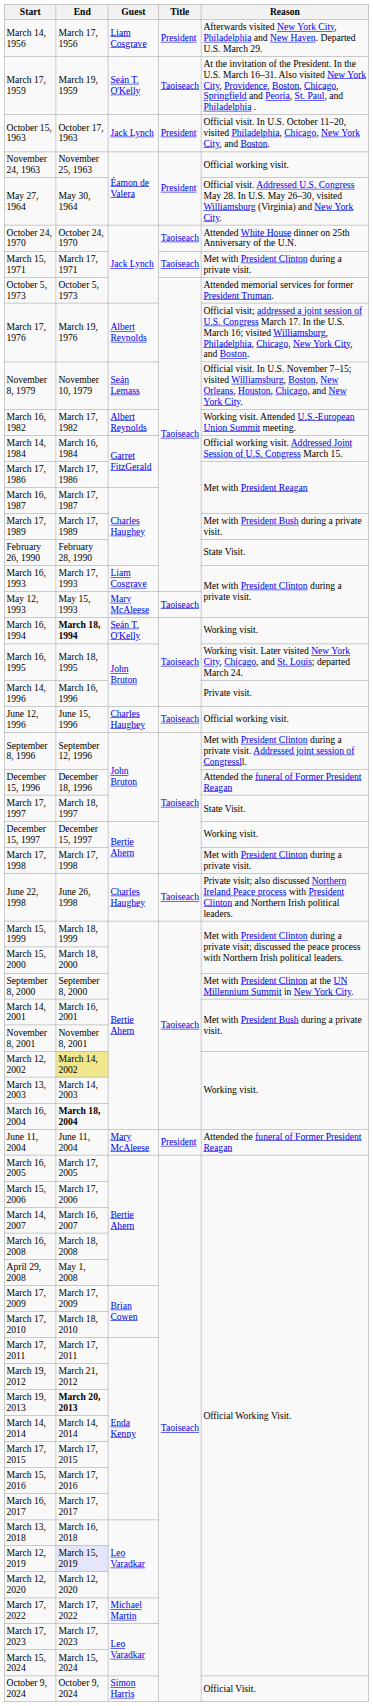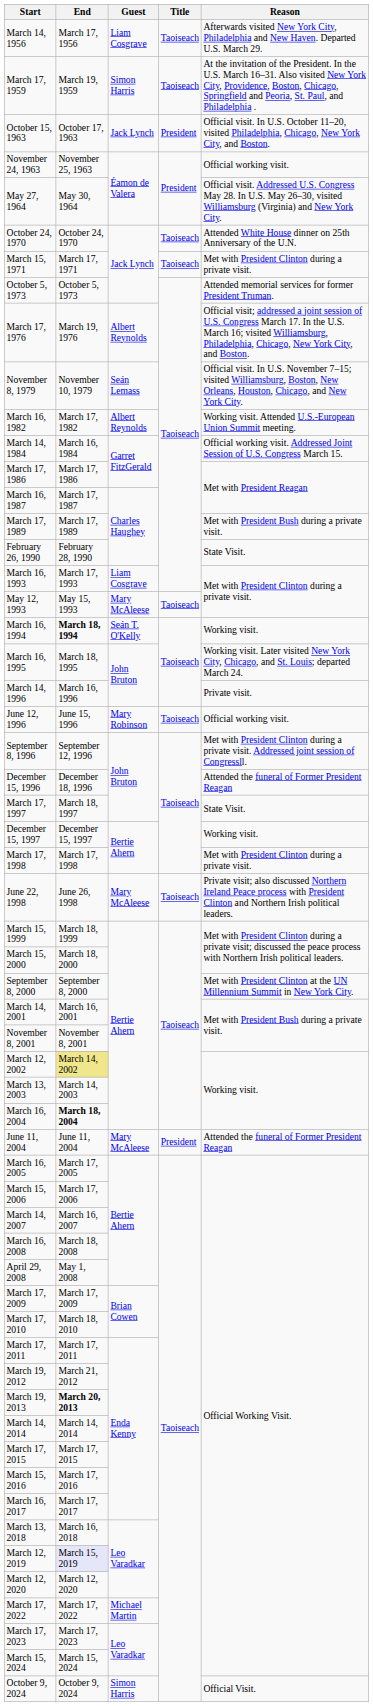 <table class="wikitable sortable">
 <tr>
 <th>Start</th>
 <th>End</th>
 <th>Guest</th>
 <th>Title</th>
 <th>Reason</th>
 </tr>
 <tr>
 <td>March 14, 1956</td>
 <td>March 17, 1956</td>
 <td><a href='#'>Liam Cosgrave</a></td>
-<td><a href='#'>President</a></td>
+<td><a href='#'>Taoiseach</a></td>
 <td>Afterwards visited <a href='#'>New York City</a>, <a href='#'>Philadelphia</a> and <a href='#'>New Haven</a>. Departed U.S. March 29.</td>
 </tr>
 <tr>
 <td>March 17, 1959</td>
 <td>March 19, 1959</td>
-<td><a href='#'>Seán T. O'Kelly</a></td>
+<td><a href='#'>Simon Harris</a></td>
 <td><a href='#'>Taoiseach</a></td>
 <td>At the invitation of the President. In the U.S. March 16–31. Also visited <a href='#'>New York City</a>, <a href='#'>Providence</a>, <a href='#'>Boston</a>, <a href='#'>Chicago</a>, <a href='#'>Springfield</a> and <a href='#'>Peoria</a>, <a href='#'>St. Paul</a>, and <a href='#'>Philadelphia</a> .</td>
 </tr>
 <tr>
 <td>October 15, 1963</td>
 <td>October 17, 1963</td>
 <td><a href='#'>Jack Lynch</a></td>
 <td><a href='#'>President</a></td>
 <td>Official visit. In U.S. October 11–20, visited <a href='#'>Philadelphia</a>, <a href='#'>Chicago</a>, <a href='#'>New York City</a>, and <a href='#'>Boston</a>.</td>
 </tr>
 <tr>
 <td>November 24, 1963</td>
 <td>November 25, 1963</td>
 <td rowspan=2><a href='#'>Éamon de Valera</a></td>
 <td rowspan="2"><a href='#'>President</a></td>
 <td>Official working visit.</td>
 </tr>
 <tr>
 <td>May 27, 1964</td>
 <td>May 30, 1964</td>
 <td>Official visit. <a href='#'>Addressed U.S. Congress</a> May 28. In U.S. May 26–30, visited <a href='#'>Williamsburg</a> (Virginia) and <a href='#'>New York City</a>.</td>
 </tr>
 <tr>
 <td>October 24, 1970</td>
 <td>October 24, 1970</td>
 <td rowspan=3><a href='#'>Jack Lynch</a></td>
 <td><a href='#'>Taoiseach</a></td>
 <td>Attended <a href='#'>White House</a> dinner on 25th Anniversary of the U.N.</td>
 </tr>
 <tr>
 <td>March 15, 1971</td>
 <td>March 17, 1971</td>
 <td><a href='#'>Taoiseach</a></td>
 <td>Met with <a href='#'>President Clinton</a> during a private visit.</td>
 </tr>
 <tr>
 <td>October 5, 1973</td>
 <td>October 5, 1973</td>
 <td rowspan=10><a href='#'>Taoiseach</a></td>
 <td>Attended memorial services for former <a href='#'>President Truman</a>.</td>
 </tr>
 <tr>
 <td>March 17, 1976</td>
 <td>March 19, 1976</td>
 <td><a href='#'>Albert Reynolds</a></td>
 <td>Official visit; <a href='#'>addressed a joint session of U.S. Congress</a> March 17. In the U.S. March 16; visited <a href='#'>Williamsburg</a>, <a href='#'>Philadelphia</a>, <a href='#'>Chicago</a>, <a href='#'>New York City</a>, and <a href='#'>Boston</a>.</td>
 </tr>
 <tr>
 <td>November 8, 1979</td>
 <td>November 10, 1979</td>
 <td><a href='#'>Seán Lemass</a></td>
 <td>Official visit. In U.S. November 7–15; visited <a href='#'>Williamsburg</a>, <a href='#'>Boston</a>, <a href='#'>New Orleans</a>, <a href='#'>Houston</a>, <a href='#'>Chicago</a>, and <a href='#'>New York City</a>.</td>
 </tr>
 <tr>
 <td>March 16, 1982</td>
 <td>March 17, 1982</td>
 <td><a href='#'>Albert Reynolds</a></td>
 <td>Working visit. Attended <a href='#'>U.S.-European Union Summit</a> meeting.</td>
 </tr>
 <tr>
 <td>March 14, 1984</td>
 <td>March 16, 1984</td>
 <td rowspan=2><a href='#'>Garret FitzGerald</a></td>
 <td>Official working visit. <a href='#'>Addressed Joint Session of U.S. Congress</a> March 15.</td>
 </tr>
 <tr>
 <td>March 17, 1986</td>
 <td>March 17, 1986</td>
 <td rowspan=2>Met with <a href='#'>President Reagan</a></td>
 </tr>
 <tr>
 <td>March 16, 1987</td>
 <td>March 17, 1987</td>
 <td rowspan=3><a href='#'>Charles Haughey</a></td>
 </tr>
 <tr>
 <td>March 17, 1989</td>
 <td>March 17, 1989</td>
 <td>Met with <a href='#'>President Bush</a> during a private visit.</td>
 </tr>
 <tr>
 <td>February 26, 1990</td>
 <td>February 28, 1990</td>
 <td>State Visit.</td>
 </tr>
 <tr>
 <td>March 16, 1993</td>
 <td>March 17, 1993</td>
 <td><a href='#'>Liam Cosgrave</a></td>
 <td rowspan=2>Met with <a href='#'>President Clinton</a> during a private visit.</td>
 </tr>
 <tr>
 <td>May 12, 1993</td>
 <td>May 15, 1993</td>
 <td><a href='#'>Mary McAleese</a></td>
 <td><a href='#'>Taoiseach</a></td>
 </tr>
 <tr>
 <td>March 16, 1994</td>
 <td><strong>March 18, 1994</strong></td>
 <td><a href='#'>Seán T. O'Kelly</a></td>
 <td rowspan=3><a href='#'>Taoiseach</a></td>
 <td>Working visit.</td>
 </tr>
 <tr>
 <td>March 16, 1995</td>
 <td>March 18, 1995</td>
 <td rowspan=2><a href='#'>John Bruton</a></td>
 <td>Working visit. Later visited <a href='#'>New York City</a>, <a href='#'>Chicago</a>, and <a href='#'>St. Louis</a>; departed March 24.</td>
 </tr>
 <tr>
 <td>March 14, 1996</td>
 <td>March 16, 1996</td>
 <td>Private visit.</td>
 </tr>
 <tr>
 <td>June 12, 1996</td>
 <td>June 15, 1996</td>
-<td><a href='#'>Charles Haughey</a></td>
+<td><a href='#'>Mary Robinson</a></td>
 <td><a href='#'>Taoiseach</a></td>
 <td>Official working visit.</td>
 </tr>
 <tr>
 <td>September 8, 1996</td>
 <td>September 12, 1996</td>
 <td rowspan=3><a href='#'>John Bruton</a></td>
 <td rowspan=5><a href='#'>Taoiseach</a></td>
 <td>Met with <a href='#'>President Clinton</a> during a private visit. <a href='#'>Addressed joint session of Congressl</a>l.</td>
 </tr>
 <tr>
 <td>December 15, 1996</td>
 <td>December 18, 1996</td>
 <td>Attended the <a href='#'>funeral of Former President Reagan</a></td>
 </tr>
 <tr>
 <td>March 17, 1997</td>
 <td>March 18, 1997</td>
 <td>State Visit.</td>
 </tr>
 <tr>
 <td>December 15, 1997</td>
 <td>December 15, 1997</td>
 <td rowspan=2><a href='#'>Bertie Ahern</a></td>
 <td>Working visit.</td>
 </tr>
 <tr>
 <td>March 17, 1998</td>
 <td>March 17, 1998</td>
 <td>Met with <a href='#'>President Clinton</a> during a private visit.</td>
 </tr>
 <tr>
 <td>June 22, 1998</td>
 <td>June 26, 1998</td>
-<td><a href='#'>Charles Haughey</a></td>
+<td><a href='#'>Mary McAleese</a></td>
 <td><a href='#'>Taoiseach</a></td>
 <td>Private visit; also discussed <a href='#'>Northern Ireland Peace process</a> with <a href='#'>President Clinton</a> and Northern Irish political leaders.</td>
 </tr>
 <tr>
 <td>March 15, 1999</td>
 <td>March 18, 1999</td>
 <td rowspan=8><a href='#'>Bertie Ahern</a></td>
 <td rowspan=8><a href='#'>Taoiseach</a></td>
 <td rowspan=2>Met with <a href='#'>President Clinton</a> during a private visit; discussed the peace process with Northern Irish political leaders.</td>
 </tr>
 <tr>
 <td>March 15, 2000</td>
 <td>March 18, 2000</td>
 </tr>
 <tr>
 <td>September 8, 2000</td>
 <td>September 8, 2000</td>
 <td>Met with <a href='#'>President Clinton</a> at the <a href='#'>UN Millennium Summit</a> in <a href='#'>New York City</a>.</td>
 </tr>
 <tr>
 <td>March 14, 2001</td>
 <td>March 16, 2001</td>
 <td rowspan=2>Met with <a href='#'>President Bush</a> during a private visit.</td>
 </tr>
 <tr>
 <td>November 8, 2001</td>
 <td>November 8, 2001</td>
 </tr>
 <tr>
 <td>March 12, 2002</td>
 <td style="background: khaki;">March 14, 2002</td>
 <td rowspan=3>Working visit.</td>
 </tr>
 <tr>
 <td>March 13, 2003</td>
 <td>March 14, 2003</td>
 </tr>
 <tr>
 <td>March 16, 2004</td>
 <td><strong>March 18, 2004</strong></td>
 </tr>
 <tr>
 <td>June 11, 2004</td>
 <td>June 11, 2004</td>
 <td><a href='#'>Mary McAleese</a></td>
 <td><a href='#'>President</a></td>
 <td>Attended the <a href='#'>funeral of Former President Reagan</a></td>
 </tr>
 <tr>
 <td>March 16, 2005</td>
 <td>March 17, 2005</td>
 <td rowspan=5><a href='#'>Bertie Ahern</a></td>
 <td rowspan=21><a href='#'>Taoiseach</a></td>
 <td rowspan=20>Official Working Visit.</td>
 </tr>
 <tr>
 <td>March 15, 2006</td>
 <td>March 17, 2006</td>
 </tr>
 <tr>
 <td>March 14, 2007</td>
 <td>March 16, 2007</td>
 </tr>
 <tr>
 <td>March 16, 2008</td>
 <td>March 18, 2008</td>
 </tr>
 <tr>
 <td>April 29, 2008</td>
 <td>May 1, 2008</td>
 </tr>
 <tr>
 <td>March 17, 2009</td>
 <td>March 17, 2009</td>
 <td rowspan=2><a href='#'>Brian Cowen</a></td>
 </tr>
 <tr>
 <td>March 17, 2010</td>
 <td>March 18, 2010</td>
 </tr>
 <tr>
 <td>March 17, 2011</td>
 <td>March 17, 2011</td>
 <td rowspan=7><a href='#'>Enda Kenny</a></td>
 </tr>
 <tr>
 <td>March 19, 2012</td>
 <td>March 21, 2012</td>
 </tr>
 <tr>
 <td>March 19, 2013</td>
 <td><strong>March 20, 2013</strong></td>
 </tr>
 <tr>
 <td>March 14, 2014</td>
 <td>March 14, 2014</td>
 </tr>
 <tr>
 <td>March 17, 2015</td>
 <td>March 17, 2015</td>
 </tr>
 <tr>
 <td>March 15, 2016</td>
 <td>March 17, 2016</td>
 </tr>
 <tr>
 <td>March 16, 2017</td>
 <td>March 17, 2017</td>
 </tr>
 <tr>
 <td>March 13, 2018</td>
 <td>March 16, 2018</td>
 <td rowspan=3><a href='#'>Leo Varadkar</a></td>
 </tr>
 <tr>
 <td>March 12, 2019</td>
 <td style="background: lavender;">March 15, 2019</td>
 </tr>
 <tr>
 <td>March 12, 2020</td>
 <td>March 12, 2020</td>
 </tr>
 <tr>
 <td>March 17, 2022</td>
 <td>March 17, 2022</td>
 <td><a href='#'>Michael Martin</a></td>
 </tr>
 <tr>
 <td>March 17, 2023</td>
 <td>March 17, 2023</td>
 <td rowspan=2><a href='#'>Leo Varadkar</a></td>
 </tr>
 <tr>
 <td>March 15, 2024</td>
 <td>March 15, 2024</td>
 </tr>
 <tr>
 <td>October 9, 2024</td>
 <td>October 9, 2024</td>
 <td><a href='#'>Simon Harris</a></td>
 <td>Official Visit.</td>
 </tr>
 </table>
